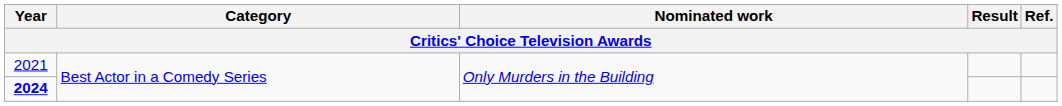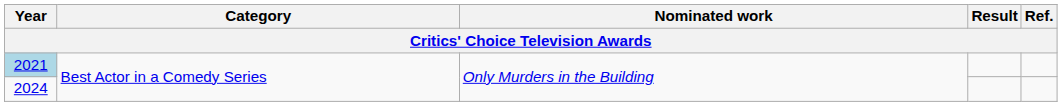 <table class=wikitable>
 <tr>
 <th scope="col" style="width:3em;">Year</th>
 <th scope="col" style="width:26em;">Category</th>
 <th scope="col" style="width:33em;">Nominated work</th>
 <th scope="col" style="width:2em;">Result</th>
 <th>Ref.</th>
 </tr>
 <tr>
 <th colspan=5><a href='#'>Critics' Choice Television Awards</a></th>
 </tr>
 <tr>
-<td style="text-align:center;"><a href='#'>2021</a></td>
+<td style="background: lightblue; text-align:center;"><a href='#'>2021</a></td>
 <td rowspan=2><a href='#'>Best Actor in a Comedy Series</a></td>
 <td rowspan=2><em><a href='#'>Only Murders in the Building</a></em></td>
 <td></td>
 <td></td>
 </tr>
 <tr>
-<td style="text-align:center;"><strong><a href='#'>2024</a></strong></td>
+<td style="text-align:center;"><a href='#'>2024</a></td>
 <td></td>
 <td></td>
 </tr>
 </table>
